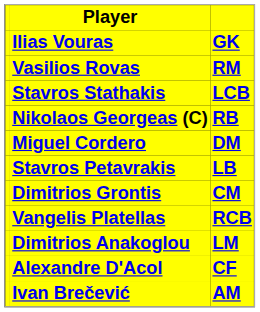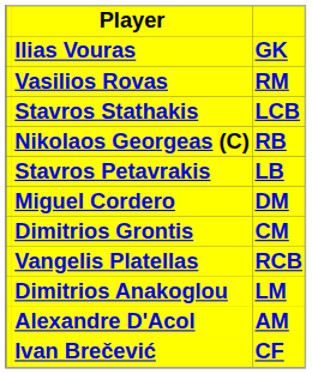 <table class="toccolours" border="0" cellpadding="2" cellspacing="0" align="center" style="margin: 0.5em 0 1em 1em; background: #000000; border: 1px #aaaaaa solid;">
 <tr bgcolor=#FFFF00>
 <th></th>
 <th>Player</th>
 <th></th>
 </tr>
 <tr bgcolor=#FFFF00>
 <td></td>
 <td><a href='#'><span><strong>Ilias Vouras</strong></span></a></td>
 <td><a href='#'><strong>GK</strong></a></td>
 </tr>
 <tr bgcolor=#FFFF00>
 <td></td>
 <td><a href='#'><span><strong>Vasilios Rovas</strong></span></a></td>
 <td><a href='#'><strong>RM</strong></a></td>
 </tr>
 <tr bgcolor=#FFFF00>
 <td></td>
 <td><a href='#'><span><strong>Stavros Stathakis</strong></span></a></td>
 <td><a href='#'><strong>LCB</strong></a></td>
 </tr>
 <tr bgcolor=#FFFF00>
 <td></td>
 <td><a href='#'><span><strong>Nikolaos Georgeas</strong></span></a> <strong>(C)</strong></td>
 <td><a href='#'><strong>RB</strong></a></td>
 </tr>
 <tr bgcolor=#FFFF00>
 <td></td>
-<td><a href='#'><span><strong>Miguel Cordero</strong></span></a></td>
-<td><a href='#'><strong>DM</strong></a></td>
+<td><a href='#'><span><strong>Stavros Petavrakis</strong></span></a></td>
+<td><a href='#'><strong>LB</strong></a></td>
 </tr>
 <tr bgcolor=#FFFF00>
 <td></td>
-<td><a href='#'><span><strong>Stavros Petavrakis</strong></span></a></td>
-<td><a href='#'><strong>LB</strong></a></td>
+<td><a href='#'><span><strong>Miguel Cordero</strong></span></a></td>
+<td><a href='#'><strong>DM</strong></a></td>
 </tr>
 <tr bgcolor=#FFFF00>
 <td></td>
 <td><a href='#'><span><strong>Dimitrios Grontis</strong></span></a></td>
 <td><a href='#'><strong>CM</strong></a></td>
 </tr>
 <tr bgcolor=#FFFF00>
 <td></td>
 <td><a href='#'><span><strong>Vangelis Platellas</strong></span></a></td>
 <td><a href='#'><strong>RCB</strong></a></td>
 </tr>
 <tr bgcolor=#FFFF00>
 <td></td>
 <td><a href='#'><span><strong>Dimitrios Anakoglou</strong></span></a></td>
 <td><a href='#'><strong>LM</strong></a></td>
 </tr>
 <tr bgcolor=#FFFF00>
 <td></td>
 <td><a href='#'><span><strong>Alexandre D'Acol</strong></span></a></td>
-<td><a href='#'><strong>CF</strong></a></td>
+<td><a href='#'><strong>AM</strong></a></td>
 </tr>
 <tr bgcolor=#FFFF00>
 <td></td>
 <td><a href='#'><span><strong>Ivan Brečević</strong></span></a></td>
-<td><a href='#'><strong>AM</strong></a></td>
+<td><a href='#'><strong>CF</strong></a></td>
 </tr>
 </table>
